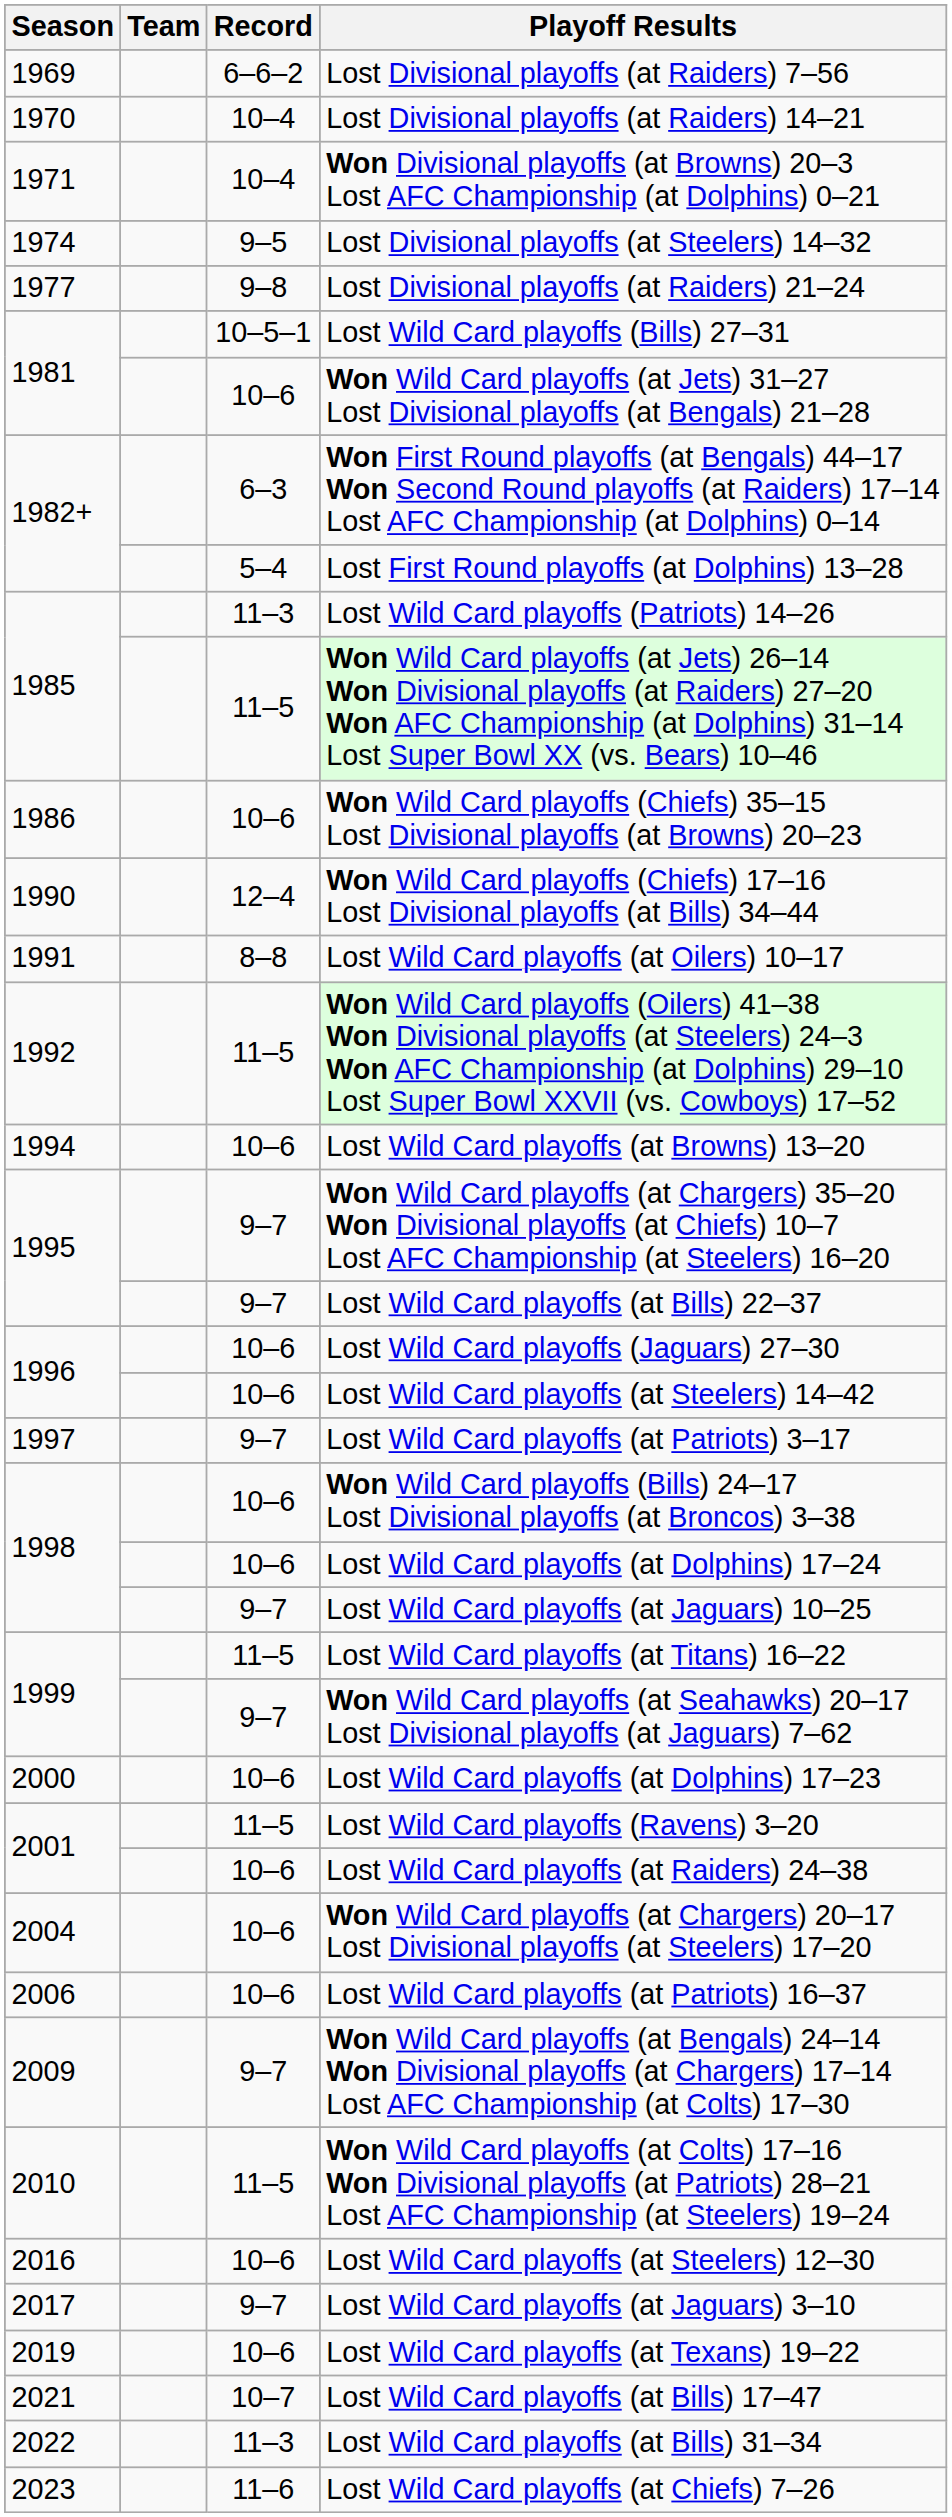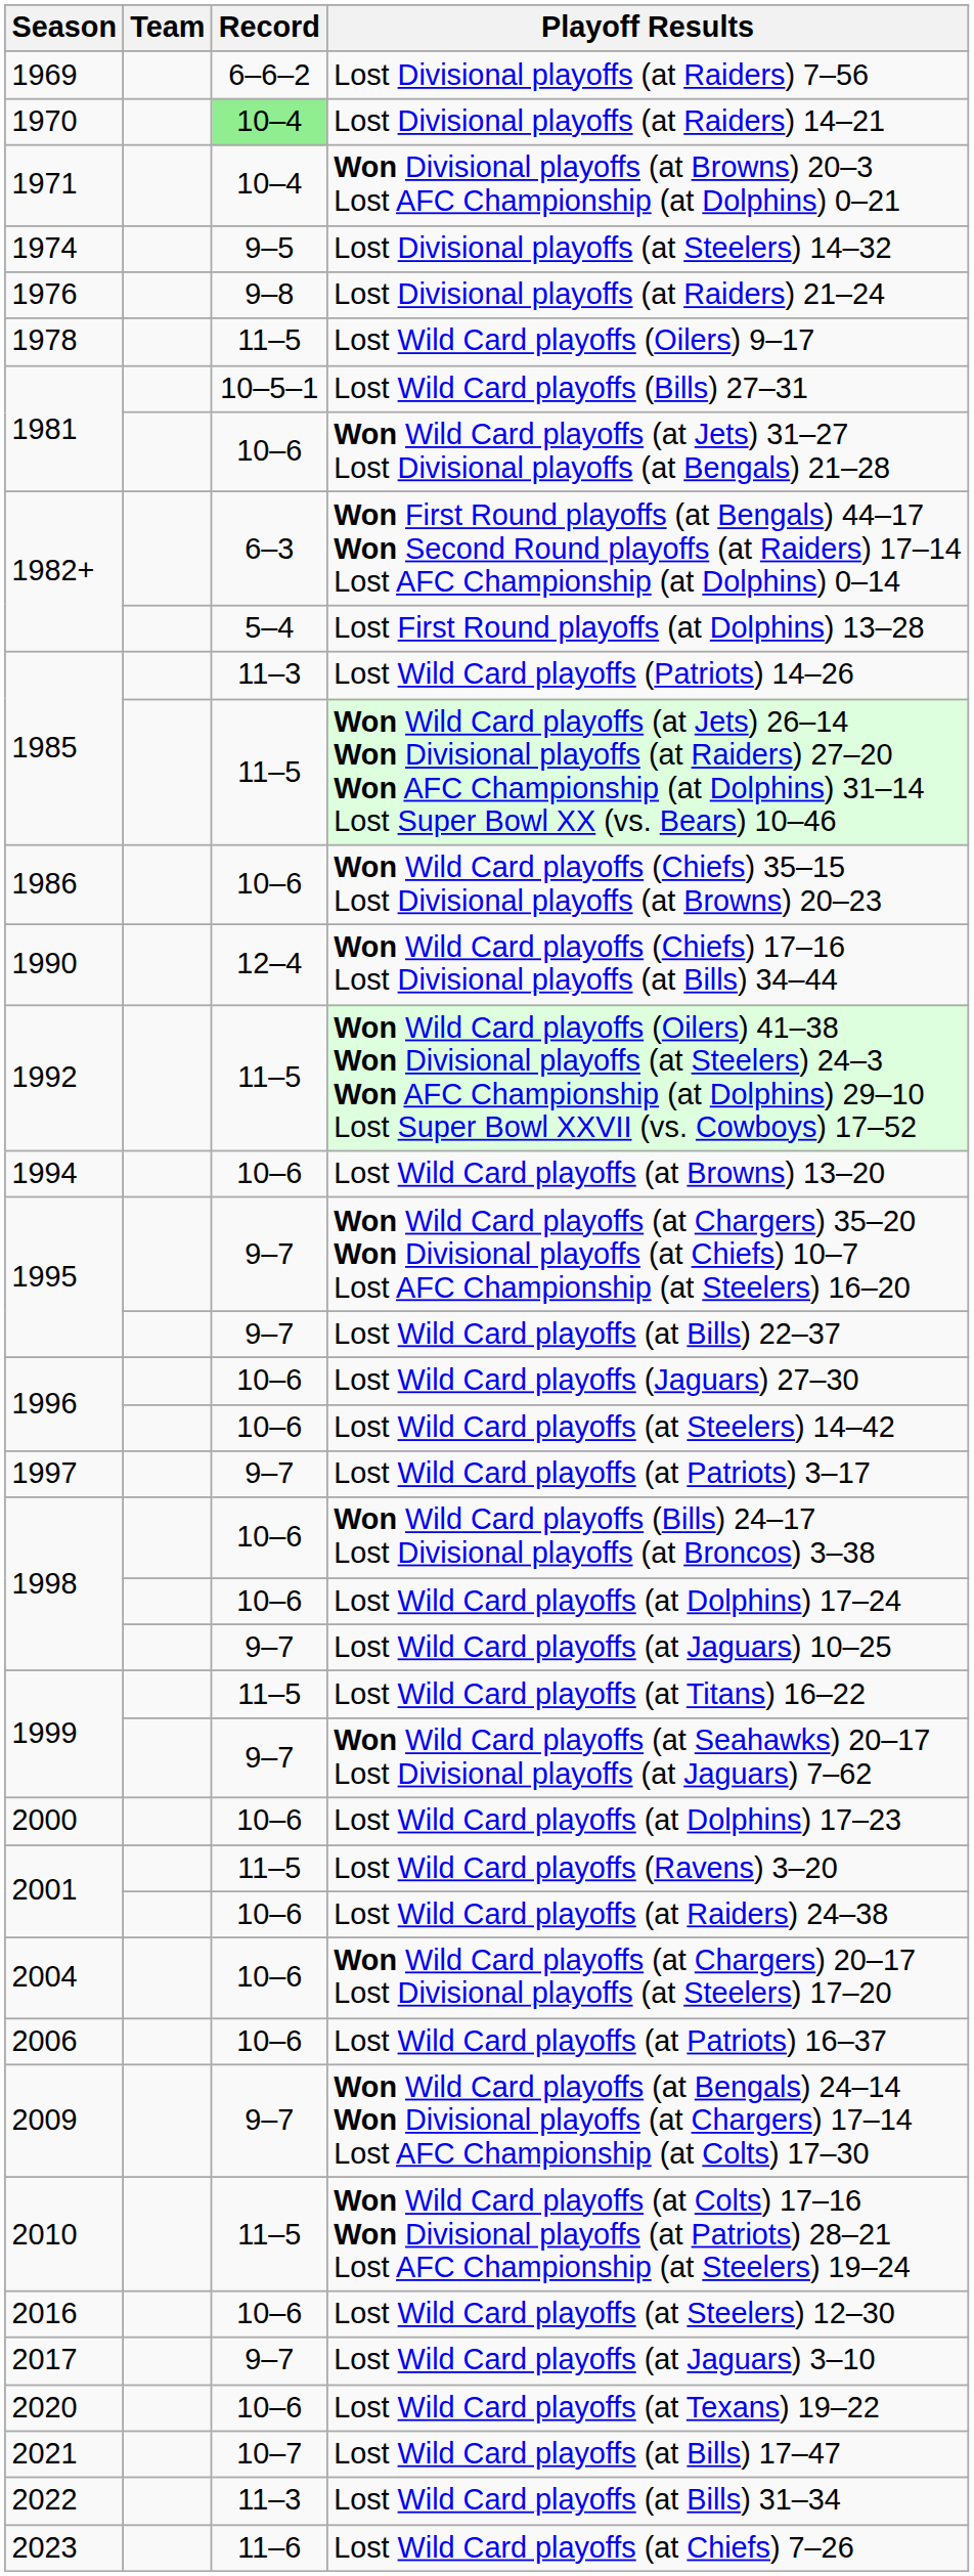 <table class="wikitable">
 <tr>
 <th>Season</th>
 <th>Team</th>
 <th>Record</th>
 <th>Playoff Results</th>
 </tr>
 <tr>
 <td>1969</td>
 <td><strong><a href='#'></a></strong></td>
 <td align="center">6–6–2</td>
 <td>Lost <a href='#'>Divisional playoffs</a> (at <a href='#'>Raiders</a>) 7–56</td>
 </tr>
 <tr>
 <td>1970</td>
 <td><strong><a href='#'></a></strong></td>
-<td align="center">10–4</td>
+<td align="center" style="background: lightgreen;">10–4</td>
 <td>Lost <a href='#'>Divisional playoffs</a> (at <a href='#'>Raiders</a>) 14–21</td>
 </tr>
 <tr>
 <td>1971</td>
 <td><strong><a href='#'></a></strong></td>
 <td align="center">10–4</td>
 <td><strong>Won</strong> <a href='#'>Divisional playoffs</a> (at <a href='#'>Browns</a>) 20–3 <br> Lost <a href='#'>AFC Championship</a> (at <a href='#'>Dolphins</a>) 0–21</td>
 </tr>
 <tr>
 <td>1974</td>
 <td><strong><a href='#'></a></strong></td>
 <td align="center">9–5</td>
 <td>Lost <a href='#'>Divisional playoffs</a> (at <a href='#'>Steelers</a>) 14–32</td>
 </tr>
 <tr>
-<td>1977</td>
+<td>1976</td>
 <td><strong><a href='#'></a></strong></td>
 <td align="center">9–8</td>
 <td>Lost <a href='#'>Divisional playoffs</a> (at <a href='#'>Raiders</a>) 21–24</td>
+</tr>
+<tr>
+<td>1978</td>
+<td><strong><a href='#'></a></strong></td>
+<td align="center">11–5</td>
+<td>Lost <a href='#'>Wild Card playoffs</a> (<a href='#'>Oilers</a>) 9–17</td>
 </tr>
 <tr>
 <td rowspan="2">1981</td>
 <td><strong><a href='#'></a></strong></td>
 <td align="center">10–5–1</td>
 <td>Lost <a href='#'>Wild Card playoffs</a> (<a href='#'>Bills</a>) 27–31</td>
 </tr>
 <tr>
 <td><strong><a href='#'></a></strong></td>
 <td align="center">10–6</td>
 <td><strong>Won</strong> <a href='#'>Wild Card playoffs</a> (at <a href='#'>Jets</a>) 31–27 <br> Lost <a href='#'>Divisional playoffs</a> (at <a href='#'>Bengals</a>) 21–28</td>
 </tr>
 <tr>
 <td rowspan="2">1982+</td>
 <td><strong><a href='#'></a></strong></td>
 <td align="center">6–3</td>
 <td><strong>Won</strong> <a href='#'>First Round playoffs</a> (at <a href='#'>Bengals</a>) 44–17 <br> <strong>Won</strong> <a href='#'>Second Round playoffs</a> (at <a href='#'>Raiders</a>) 17–14 <br> Lost <a href='#'>AFC Championship</a> (at <a href='#'>Dolphins</a>) 0–14</td>
 </tr>
 <tr>
 <td><strong><a href='#'></a></strong></td>
 <td align="center">5–4</td>
 <td>Lost <a href='#'>First Round playoffs</a> (at <a href='#'>Dolphins</a>) 13–28</td>
 </tr>
 <tr>
 <td rowspan="2">1985</td>
 <td><strong><a href='#'></a></strong></td>
 <td align="center">11–3</td>
 <td>Lost <a href='#'>Wild Card playoffs</a> (<a href='#'>Patriots</a>) 14–26</td>
 </tr>
 <tr>
 <td><strong><a href='#'></a></strong></td>
 <td align="center">11–5</td>
 <td bgcolor="#DDFFDD"><strong>Won</strong> <a href='#'>Wild Card playoffs</a> (at <a href='#'>Jets</a>) 26–14 <br>  <strong>Won</strong> <a href='#'>Divisional playoffs</a> (at <a href='#'>Raiders</a>) 27–20 <br>  <strong>Won</strong> <a href='#'>AFC Championship</a> (at <a href='#'>Dolphins</a>) 31–14 <br>  Lost <a href='#'>Super Bowl XX</a> (vs. <a href='#'>Bears</a>) 10–46</td>
 </tr>
 <tr>
 <td>1986</td>
 <td><strong><a href='#'></a></strong></td>
 <td align="center">10–6</td>
 <td><strong>Won</strong> <a href='#'>Wild Card playoffs</a> (<a href='#'>Chiefs</a>) 35–15 <br> Lost <a href='#'>Divisional playoffs</a> (at <a href='#'>Browns</a>) 20–23 </td>
 </tr>
 <tr>
 <td>1990</td>
 <td><strong><a href='#'></a></strong></td>
 <td align="center">12–4</td>
 <td><strong>Won</strong> <a href='#'>Wild Card playoffs</a> (<a href='#'>Chiefs</a>) 17–16 <br> Lost <a href='#'>Divisional playoffs</a> (at <a href='#'>Bills</a>) 34–44</td>
-</tr>
-<tr>
-<td>1991</td>
-<td><strong><a href='#'></a></strong></td>
-<td align="center">8–8</td>
-<td>Lost <a href='#'>Wild Card playoffs</a> (at <a href='#'>Oilers</a>) 10–17</td>
 </tr>
 <tr>
 <td>1992</td>
 <td><strong><a href='#'></a></strong></td>
 <td align="center">11–5</td>
 <td bgcolor="#DDFFDD"><strong>Won</strong> <a href='#'>Wild Card playoffs</a> (<a href='#'>Oilers</a>) 41–38  <br> <strong>Won</strong> <a href='#'>Divisional playoffs</a> (at <a href='#'>Steelers</a>) 24–3 <br> <strong>Won</strong> <a href='#'>AFC Championship</a> (at <a href='#'>Dolphins</a>) 29–10 <br> Lost <a href='#'>Super Bowl XXVII</a> (vs. <a href='#'>Cowboys</a>) 17–52</td>
 </tr>
 <tr>
 <td>1994</td>
 <td><strong><a href='#'></a></strong></td>
 <td align="center">10–6</td>
 <td>Lost <a href='#'>Wild Card playoffs</a> (at <a href='#'>Browns</a>) 13–20</td>
 </tr>
 <tr>
 <td rowspan="2">1995</td>
 <td><strong><a href='#'></a></strong></td>
 <td align="center">9–7</td>
 <td><strong>Won</strong> <a href='#'>Wild Card playoffs</a> (at <a href='#'>Chargers</a>) 35–20  <br> <strong>Won</strong> <a href='#'>Divisional playoffs</a> (at <a href='#'>Chiefs</a>) 10–7  <br>  Lost <a href='#'>AFC Championship</a> (at <a href='#'>Steelers</a>) 16–20</td>
 </tr>
 <tr>
 <td><strong><a href='#'></a></strong></td>
 <td align="center">9–7</td>
 <td>Lost <a href='#'>Wild Card playoffs</a> (at <a href='#'>Bills</a>) 22–37</td>
 </tr>
 <tr>
 <td rowspan="2">1996</td>
 <td><strong><a href='#'></a></strong></td>
 <td align="center">10–6</td>
 <td>Lost <a href='#'>Wild Card playoffs</a> (<a href='#'>Jaguars</a>) 27–30</td>
 </tr>
 <tr>
 <td><strong><a href='#'></a></strong></td>
 <td align="center">10–6</td>
 <td>Lost <a href='#'>Wild Card playoffs</a> (at <a href='#'>Steelers</a>) 14–42</td>
 </tr>
 <tr>
 <td>1997</td>
 <td><strong><a href='#'></a></strong></td>
 <td align="center">9–7</td>
 <td>Lost <a href='#'>Wild Card playoffs</a> (at <a href='#'>Patriots</a>) 3–17</td>
 </tr>
 <tr>
 <td rowspan="3">1998</td>
 <td><strong><a href='#'></a></strong></td>
 <td align="center">10–6</td>
 <td><strong>Won</strong> <a href='#'>Wild Card playoffs</a> (<a href='#'>Bills</a>) 24–17 <br> Lost <a href='#'>Divisional playoffs</a> (at <a href='#'>Broncos</a>) 3–38</td>
 </tr>
 <tr>
 <td><strong><a href='#'></a></strong></td>
 <td align="center">10–6</td>
 <td>Lost <a href='#'>Wild Card playoffs</a> (at <a href='#'>Dolphins</a>) 17–24</td>
 </tr>
 <tr>
 <td><strong><a href='#'></a></strong></td>
 <td align="center">9–7</td>
 <td>Lost <a href='#'>Wild Card playoffs</a> (at <a href='#'>Jaguars</a>) 10–25</td>
 </tr>
 <tr>
 <td rowspan="2">1999</td>
 <td><strong><a href='#'></a></strong></td>
 <td align="center">11–5</td>
 <td>Lost <a href='#'>Wild Card playoffs</a> (at <a href='#'>Titans</a>) 16–22</td>
 </tr>
 <tr>
 <td><strong><a href='#'></a></strong></td>
 <td align="center">9–7</td>
 <td><strong>Won</strong> <a href='#'>Wild Card playoffs</a> (at <a href='#'>Seahawks</a>) 20–17 <br> Lost <a href='#'>Divisional playoffs</a> (at <a href='#'>Jaguars</a>) 7–62</td>
 </tr>
 <tr>
 <td>2000</td>
 <td><strong><a href='#'></a></strong></td>
 <td align="center">10–6</td>
 <td>Lost <a href='#'>Wild Card playoffs</a> (at <a href='#'>Dolphins</a>) 17–23 </td>
 </tr>
 <tr>
 <td rowspan="2">2001</td>
 <td><strong><a href='#'></a></strong></td>
 <td align="center">11–5</td>
 <td>Lost <a href='#'>Wild Card playoffs</a> (<a href='#'>Ravens</a>) 3–20</td>
 </tr>
 <tr>
 <td><strong><a href='#'></a></strong></td>
 <td align="center">10–6</td>
 <td>Lost <a href='#'>Wild Card playoffs</a> (at <a href='#'>Raiders</a>) 24–38</td>
 </tr>
 <tr>
 <td>2004</td>
 <td><strong><a href='#'></a></strong></td>
 <td align="center">10–6</td>
 <td><strong>Won</strong> <a href='#'>Wild Card playoffs</a> (at <a href='#'>Chargers</a>) 20–17  <br> Lost <a href='#'>Divisional playoffs</a> (at <a href='#'>Steelers</a>) 17–20 </td>
 </tr>
 <tr>
 <td>2006</td>
 <td><strong><a href='#'></a></strong></td>
 <td align="center">10–6</td>
 <td>Lost <a href='#'>Wild Card playoffs</a> (at <a href='#'>Patriots</a>) 16–37</td>
 </tr>
 <tr>
 <td>2009</td>
 <td><strong><a href='#'></a></strong></td>
 <td align="center">9–7</td>
 <td><strong>Won</strong> <a href='#'>Wild Card playoffs</a> (at <a href='#'>Bengals</a>) 24–14 <br> <strong>Won</strong> <a href='#'>Divisional playoffs</a> (at <a href='#'>Chargers</a>) 17–14 <br>  Lost <a href='#'>AFC Championship</a> (at <a href='#'>Colts</a>) 17–30</td>
 </tr>
 <tr>
 <td>2010</td>
 <td><strong><a href='#'></a></strong></td>
 <td align="center">11–5</td>
 <td><strong>Won</strong> <a href='#'>Wild Card playoffs</a> (at <a href='#'>Colts</a>) 17–16 <br> <strong>Won</strong> <a href='#'>Divisional playoffs</a> (at <a href='#'>Patriots</a>) 28–21 <br>  Lost <a href='#'>AFC Championship</a> (at <a href='#'>Steelers</a>) 19–24</td>
 </tr>
 <tr>
 <td>2016</td>
 <td><strong><a href='#'></a></strong></td>
 <td align="center">10–6</td>
 <td>Lost <a href='#'>Wild Card playoffs</a> (at <a href='#'>Steelers</a>) 12–30</td>
 </tr>
 <tr>
 <td>2017</td>
 <td><strong><a href='#'></a></strong></td>
 <td align="center">9–7</td>
 <td>Lost <a href='#'>Wild Card playoffs</a> (at <a href='#'>Jaguars</a>) 3–10</td>
 </tr>
 <tr>
-<td>2019</td>
+<td>2020</td>
 <td><strong><a href='#'></a></strong></td>
 <td align="center">10–6</td>
 <td>Lost <a href='#'>Wild Card playoffs</a> (at <a href='#'>Texans</a>) 19–22 </td>
 </tr>
 <tr>
 <td>2021</td>
 <td><strong><a href='#'></a></strong></td>
 <td align="center">10–7</td>
 <td>Lost <a href='#'>Wild Card playoffs</a> (at <a href='#'>Bills</a>) 17–47</td>
 </tr>
 <tr>
 <td>2022</td>
 <td><strong><a href='#'></a></strong></td>
 <td align="center">11–3</td>
 <td>Lost <a href='#'>Wild Card playoffs</a> (at <a href='#'>Bills</a>) 31–34</td>
 </tr>
 <tr>
 <td>2023</td>
 <td><strong><a href='#'></a></strong></td>
 <td align="center">11–6</td>
 <td>Lost <a href='#'>Wild Card playoffs</a> (at <a href='#'>Chiefs</a>) 7–26</td>
 </tr>
 </table>
